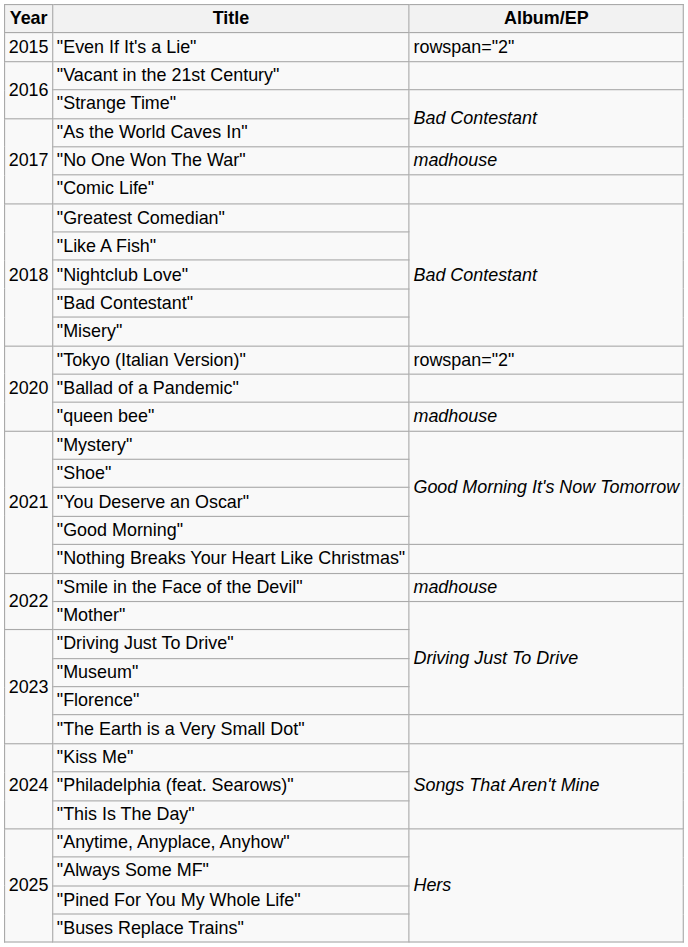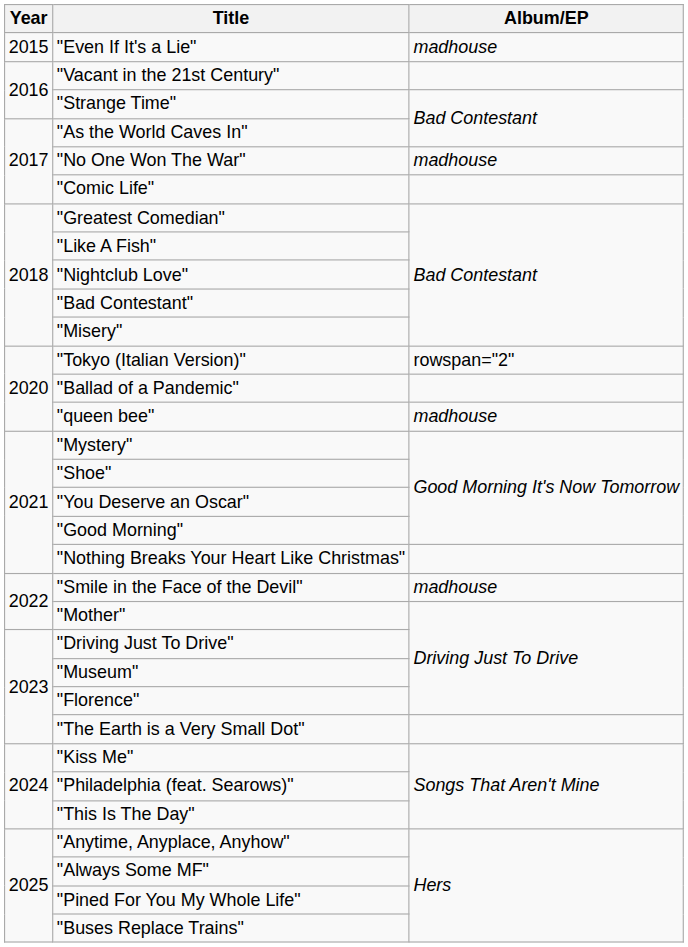 <table class="wikitable">
 <tr>
 <th>Year</th>
 <th>Title</th>
 <th>Album/EP</th>
 </tr>
 <tr>
 <td>2015</td>
 <td>"Even If It's a Lie"</td>
-<td>rowspan="2" </td>
+<td><em>madhouse</em></td>
 </tr>
 <tr>
 <td rowspan="2">2016</td>
 <td>"Vacant in the 21st Century"</td>
 </tr>
 <tr>
 <td>"Strange Time"</td>
 <td rowspan="2"><em>Bad Contestant</em></td>
 </tr>
 <tr>
 <td rowspan="3">2017</td>
 <td>"As the World Caves In"</td>
 </tr>
 <tr>
 <td>"No One Won The War"</td>
 <td><em>madhouse</em></td>
 </tr>
 <tr>
 <td>"Comic Life"</td>
 </tr>
 <tr>
 <td rowspan="5">2018</td>
 <td>"Greatest Comedian"</td>
 <td rowspan="5"><em>Bad Contestant</em></td>
 </tr>
 <tr>
 <td>"Like A Fish"</td>
 </tr>
 <tr>
 <td>"Nightclub Love"</td>
 </tr>
 <tr>
 <td>"Bad Contestant"</td>
 </tr>
 <tr>
 <td>"Misery"</td>
 </tr>
 <tr>
 <td rowspan="3">2020</td>
 <td>"Tokyo (Italian Version)"</td>
 <td>rowspan="2" </td>
 </tr>
 <tr>
 <td>"Ballad of a Pandemic"</td>
 <td></td>
 </tr>
 <tr>
 <td>"queen bee"</td>
 <td><em>madhouse</em></td>
 </tr>
 <tr>
 <td rowspan="5">2021</td>
 <td>"Mystery"</td>
 <td rowspan="4"><em>Good Morning It's Now Tomorrow</em></td>
 </tr>
 <tr>
 <td>"Shoe"</td>
 </tr>
 <tr>
 <td>"You Deserve an Oscar"</td>
 </tr>
 <tr>
 <td>"Good Morning"</td>
 </tr>
 <tr>
 <td>"Nothing Breaks Your Heart Like Christmas"</td>
 <td></td>
 </tr>
 <tr>
 <td rowspan="2">2022</td>
 <td>"Smile in the Face of the Devil"</td>
 <td><em>madhouse</em></td>
 </tr>
 <tr>
 <td>"Mother"</td>
 <td rowspan="4"><em>Driving Just To Drive</em></td>
 </tr>
 <tr>
 <td rowspan="4">2023</td>
 <td>"Driving Just To Drive"</td>
 </tr>
 <tr>
 <td>"Museum"</td>
 </tr>
 <tr>
 <td>"Florence"</td>
 </tr>
 <tr>
 <td>"The Earth is a Very Small Dot"</td>
 <td></td>
 </tr>
 <tr>
 <td rowspan="3">2024</td>
 <td>"Kiss Me"</td>
 <td rowspan="3"><em>Songs That Aren't Mine</em></td>
 </tr>
 <tr>
 <td>"Philadelphia (feat. Searows)"</td>
 </tr>
 <tr>
 <td>"This Is The Day"</td>
 </tr>
 <tr>
 <td rowspan="4">2025</td>
 <td>"Anytime, Anyplace, Anyhow"</td>
 <td rowspan="4"><em>Hers</em></td>
 </tr>
 <tr>
 <td>"Always Some MF"</td>
 </tr>
 <tr>
 <td>"Pined For You My Whole Life"</td>
 </tr>
 <tr>
 <td>"Buses Replace Trains"</td>
 </tr>
 </table>
